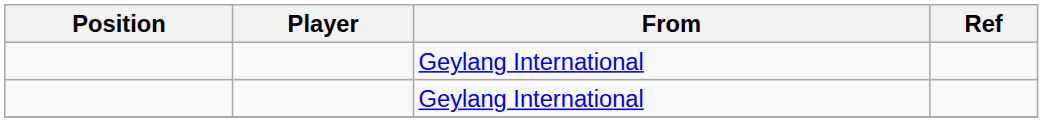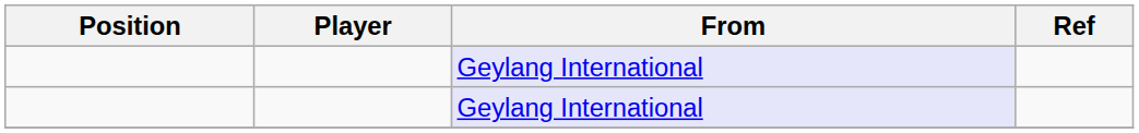 <table class="wikitable sortable" style="width:75%; text-align:center; font-size:95%; text-align:left;">
 <tr>
 <th><strong>Position</strong></th>
 <th><strong>Player</strong></th>
 <th><strong>From</strong></th>
 <th><strong>Ref</strong></th>
 </tr>
 <tr>
 <td></td>
 <td></td>
-<td> <a href='#'>Geylang International</a></td>
+<td style="background: lavender;"> <a href='#'>Geylang International</a></td>
 <td></td>
 </tr>
 <tr>
 <td></td>
 <td></td>
-<td> <a href='#'>Geylang International</a></td>
+<td style="background: lavender;"> <a href='#'>Geylang International</a></td>
 <td></td>
 </tr>
 <tr>
 </tr>
 </table>
